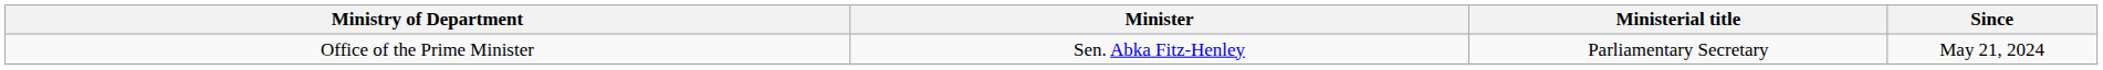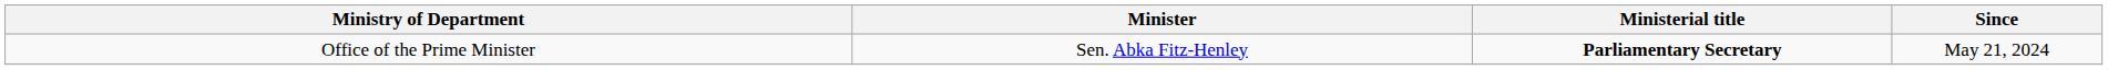 <table class="wikitable sortable"  style="width:90%; text-align:center;">
 <tr>
 <th style="width:30px; %;"><strong>Ministry of Department</strong></th>
 <th style="width:30px; %;"><strong>Minister</strong></th>
 <th style="width:20%;"><strong>Ministerial title</strong></th>
 <th style="width:10%;"><strong>Since</strong></th>
 </tr>
 <tr>
 <td>Office of the Prime Minister</td>
 <td>Sen. <a href='#'>Abka Fitz-Henley</a></td>
-<td>Parliamentary Secretary</td>
+<td><strong>Parliamentary Secretary</strong></td>
 <td>May 21, 2024</td>
 </tr>
 <tr>
 </tr>
 </table>
